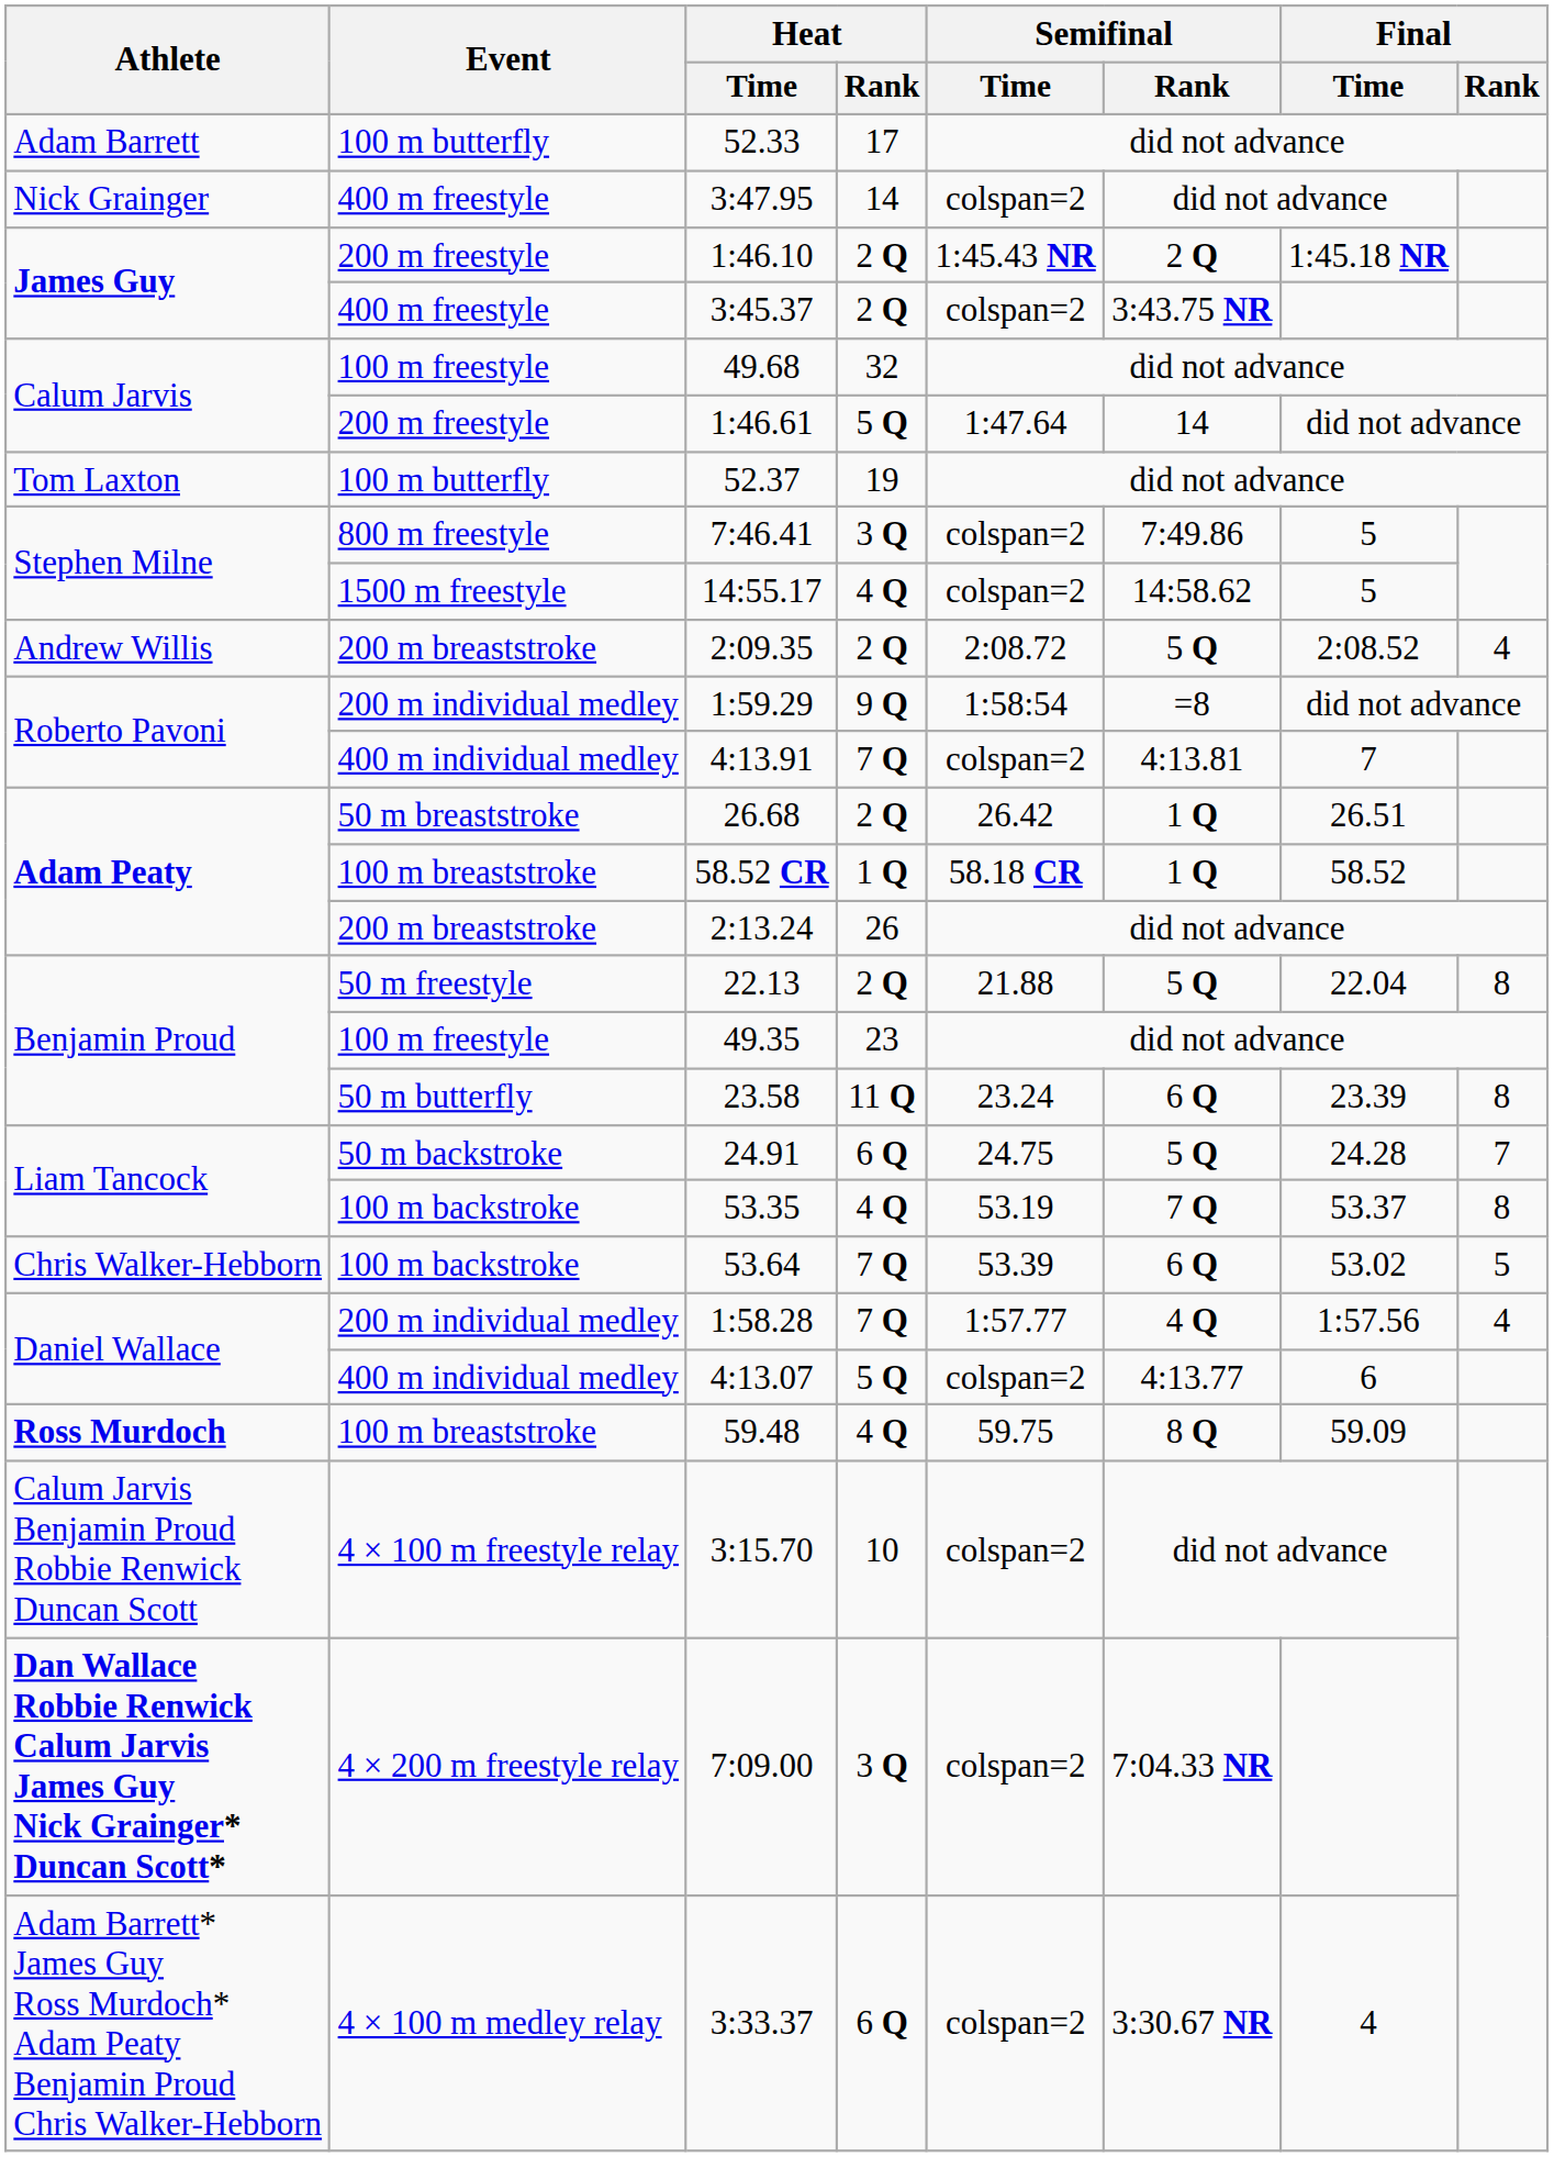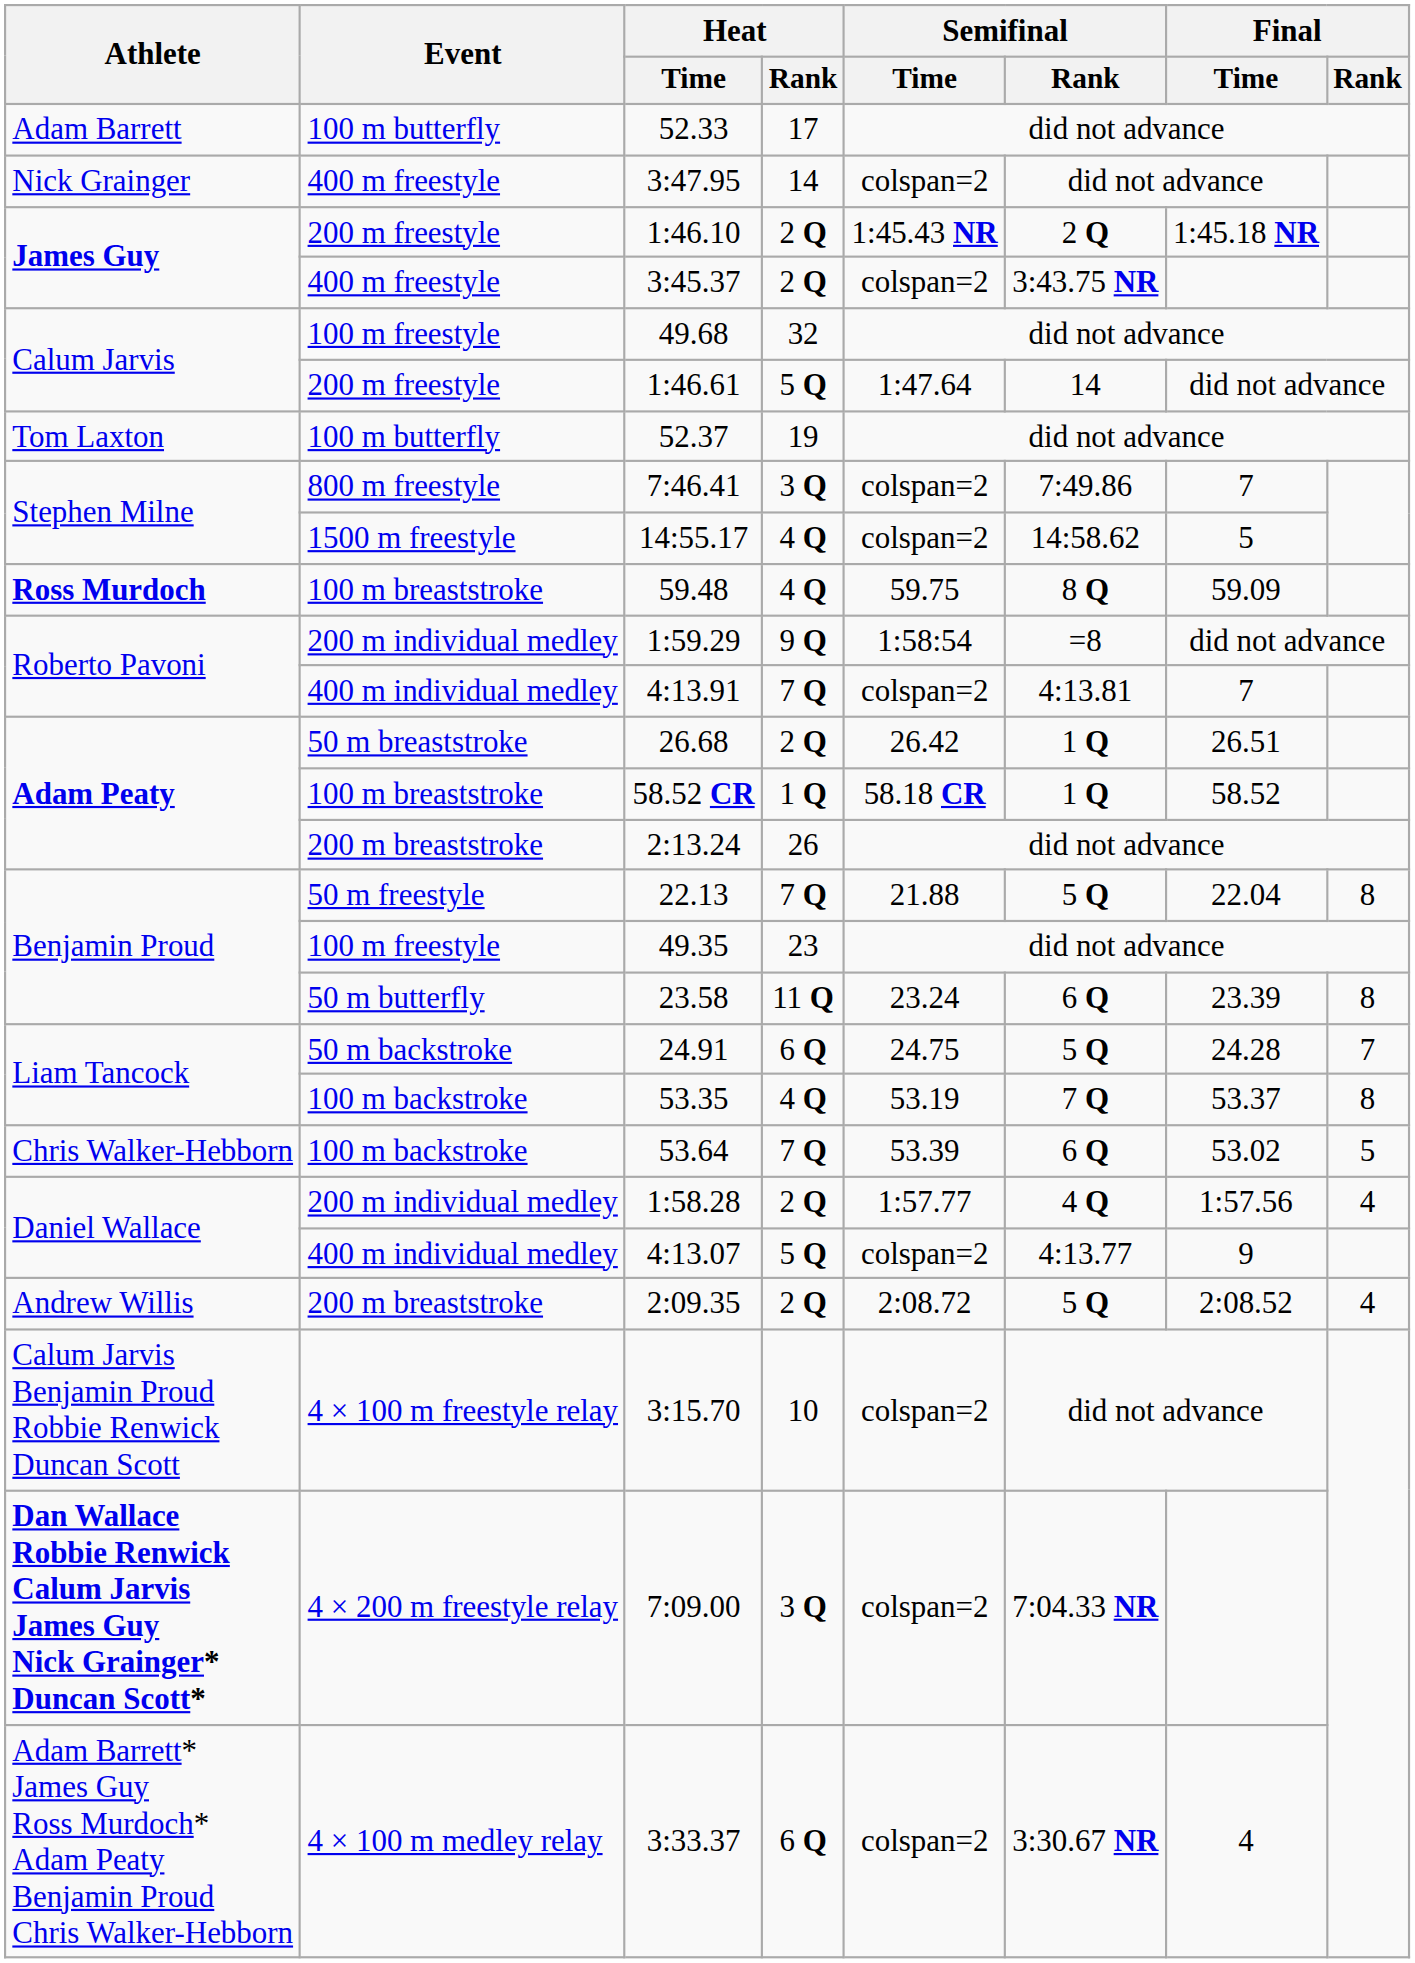 <table class=wikitable style="font-size:90%">
 <tr>
 <th rowspan="2">Athlete</th>
 <th rowspan="2">Event</th>
 <th colspan="2">Heat</th>
 <th colspan="2">Semifinal</th>
 <th colspan="2">Final</th>
 </tr>
 <tr style="font-size:95%">
 <th>Time</th>
 <th>Rank</th>
 <th>Time</th>
 <th>Rank</th>
 <th>Time</th>
 <th>Rank</th>
 </tr>
 <tr align=center>
 <td align=left><a href='#'>Adam Barrett</a></td>
 <td align=left><a href='#'>100 m butterfly</a></td>
 <td>52.33</td>
 <td>17</td>
 <td colspan=4>did not advance</td>
 </tr>
 <tr align=center>
 <td align=left><a href='#'>Nick Grainger</a></td>
 <td align=left><a href='#'>400 m freestyle</a></td>
 <td>3:47.95</td>
 <td>14</td>
 <td>colspan=2 </td>
 <td colspan=2>did not advance</td>
 </tr>
 <tr align=center>
 <td align=left rowspan=2><strong><a href='#'>James Guy</a></strong></td>
 <td align=left><a href='#'>200 m freestyle</a></td>
 <td>1:46.10</td>
 <td>2 <strong>Q</strong></td>
 <td>1:45.43 <strong><a href='#'>NR</a></strong></td>
 <td>2 <strong>Q</strong></td>
 <td>1:45.18 <strong><a href='#'>NR</a></strong></td>
 <td></td>
 </tr>
 <tr align=center>
 <td align=left><a href='#'>400 m freestyle</a></td>
 <td>3:45.37</td>
 <td>2 <strong>Q</strong></td>
 <td>colspan=2 </td>
 <td>3:43.75 <strong><a href='#'>NR</a></strong></td>
 <td></td>
 </tr>
 <tr align=center>
 <td align=left rowspan=2><a href='#'>Calum Jarvis</a></td>
 <td align=left><a href='#'>100 m freestyle</a></td>
 <td>49.68</td>
 <td>32</td>
 <td colspan="4">did not advance</td>
 </tr>
 <tr align=center>
 <td align=left><a href='#'>200 m freestyle</a></td>
 <td>1:46.61</td>
 <td>5 <strong>Q</strong></td>
 <td>1:47.64</td>
 <td>14</td>
 <td colspan=2>did not advance</td>
 </tr>
 <tr align=center>
 <td align=left><a href='#'>Tom Laxton</a></td>
 <td align=left><a href='#'>100 m butterfly</a></td>
 <td>52.37</td>
 <td>19</td>
 <td colspan=4>did not advance</td>
 </tr>
 <tr align=center>
 <td align=left rowspan=2><a href='#'>Stephen Milne</a></td>
 <td align=left><a href='#'>800 m freestyle</a></td>
 <td>7:46.41</td>
 <td>3 <strong>Q</strong></td>
 <td>colspan=2 </td>
 <td>7:49.86</td>
-<td>5</td>
+<td>7</td>
 </tr>
 <tr align=center>
 <td align=left><a href='#'>1500 m freestyle</a></td>
 <td>14:55.17</td>
 <td>4 <strong>Q</strong></td>
 <td>colspan=2 </td>
 <td>14:58.62</td>
 <td>5</td>
 </tr>
 <tr align=center>
-<td align=left><a href='#'>Andrew Willis</a></td>
-<td align=left><a href='#'>200 m breaststroke</a></td>
-<td>2:09.35</td>
-<td>2 <strong>Q</strong></td>
-<td>2:08.72</td>
-<td>5 <strong>Q</strong></td>
-<td>2:08.52</td>
-<td>4</td>
+<td align=left><strong><a href='#'>Ross Murdoch</a></strong></td>
+<td align=left><a href='#'>100 m breaststroke</a></td>
+<td>59.48</td>
+<td>4 <strong>Q</strong></td>
+<td>59.75</td>
+<td>8 <strong>Q</strong></td>
+<td>59.09</td>
+<td></td>
 </tr>
 <tr align=center>
 <td align=left rowspan=2><a href='#'>Roberto Pavoni</a></td>
 <td align=left><a href='#'>200 m individual medley</a></td>
 <td>1:59.29</td>
 <td>9 <strong>Q</strong></td>
 <td>1:58:54</td>
 <td>=8</td>
 <td colspan=2>did not advance</td>
 </tr>
 <tr align=center>
 <td align=left><a href='#'>400 m individual medley</a></td>
 <td>4:13.91</td>
 <td>7 <strong>Q</strong></td>
 <td>colspan=2 </td>
 <td>4:13.81</td>
 <td>7</td>
 </tr>
 <tr align=center>
 <td align=left rowspan=3><strong><a href='#'>Adam Peaty</a></strong></td>
 <td align=left><a href='#'>50 m breaststroke</a></td>
 <td>26.68</td>
 <td>2 <strong>Q</strong></td>
 <td>26.42 </td>
 <td>1 <strong>Q</strong></td>
 <td>26.51</td>
 <td></td>
 </tr>
 <tr align=center>
 <td align=left><a href='#'>100 m breaststroke</a></td>
 <td>58.52 <strong><a href='#'>CR</a></strong></td>
 <td>1 <strong>Q</strong></td>
 <td>58.18 <strong><a href='#'>CR</a></strong></td>
 <td>1 <strong>Q</strong></td>
 <td>58.52</td>
 <td></td>
 </tr>
 <tr align=center>
 <td align=left><a href='#'>200 m breaststroke</a></td>
 <td>2:13.24</td>
 <td>26</td>
 <td colspan="4">did not advance</td>
 </tr>
 <tr align=center>
 <td align=left rowspan=3><a href='#'>Benjamin Proud</a></td>
 <td align=left><a href='#'>50 m freestyle</a></td>
 <td>22.13</td>
-<td>2 <strong>Q</strong></td>
+<td>7 <strong>Q</strong></td>
 <td>21.88</td>
 <td>5 <strong>Q</strong></td>
 <td>22.04</td>
 <td>8</td>
 </tr>
 <tr align=center>
 <td align=left><a href='#'>100 m freestyle</a></td>
 <td>49.35</td>
 <td>23</td>
 <td colspan="4">did not advance</td>
 </tr>
 <tr align=center>
 <td align=left><a href='#'>50 m butterfly</a></td>
 <td>23.58</td>
 <td>11 <strong>Q</strong></td>
 <td>23.24</td>
 <td>6 <strong>Q</strong></td>
 <td>23.39</td>
 <td>8</td>
 </tr>
 <tr align=center>
 <td align=left rowspan=2><a href='#'>Liam Tancock</a></td>
 <td align=left><a href='#'>50 m backstroke</a></td>
 <td>24.91</td>
 <td>6 <strong>Q</strong></td>
 <td>24.75</td>
 <td>5 <strong>Q</strong></td>
 <td>24.28</td>
 <td>7</td>
 </tr>
 <tr align=center>
 <td align=left><a href='#'>100 m backstroke</a></td>
 <td>53.35</td>
 <td>4 <strong>Q</strong></td>
 <td>53.19</td>
 <td>7 <strong>Q</strong></td>
 <td>53.37</td>
 <td>8</td>
 </tr>
 <tr align=center>
 <td align=left><a href='#'>Chris Walker-Hebborn</a></td>
 <td align=left><a href='#'>100 m backstroke</a></td>
 <td>53.64</td>
 <td>7 <strong>Q</strong></td>
 <td>53.39</td>
 <td>6 <strong>Q</strong></td>
 <td>53.02</td>
 <td>5</td>
 </tr>
 <tr align=center>
 <td align=left rowspan=2><a href='#'>Daniel Wallace</a></td>
 <td align=left><a href='#'>200 m individual medley</a></td>
 <td>1:58.28</td>
-<td>7 <strong>Q</strong></td>
+<td>2 <strong>Q</strong></td>
 <td>1:57.77</td>
 <td>4 <strong>Q</strong></td>
 <td>1:57.56</td>
 <td>4</td>
 </tr>
 <tr align=center>
 <td align=left><a href='#'>400 m individual medley</a></td>
 <td>4:13.07</td>
 <td>5 <strong>Q</strong></td>
 <td>colspan=2 </td>
 <td>4:13.77</td>
-<td>6</td>
+<td>9</td>
 </tr>
 <tr align=center>
-<td align=left><strong><a href='#'>Ross Murdoch</a></strong></td>
-<td align=left><a href='#'>100 m breaststroke</a></td>
-<td>59.48</td>
-<td>4 <strong>Q</strong></td>
-<td>59.75</td>
-<td>8 <strong>Q</strong></td>
-<td>59.09</td>
-<td></td>
+<td align=left><a href='#'>Andrew Willis</a></td>
+<td align=left><a href='#'>200 m breaststroke</a></td>
+<td>2:09.35</td>
+<td>2 <strong>Q</strong></td>
+<td>2:08.72</td>
+<td>5 <strong>Q</strong></td>
+<td>2:08.52</td>
+<td>4</td>
 </tr>
 <tr align=center>
 <td align=left><a href='#'>Calum Jarvis</a><br><a href='#'>Benjamin Proud</a><br><a href='#'>Robbie Renwick</a><br><a href='#'>Duncan Scott</a></td>
 <td align=left><a href='#'>4 × 100 m freestyle relay</a></td>
 <td>3:15.70</td>
 <td>10</td>
 <td>colspan=2 </td>
 <td colspan=2>did not advance</td>
 </tr>
 <tr align=center>
 <td align=left><strong><a href='#'>Dan Wallace</a><br><a href='#'>Robbie Renwick</a><br><a href='#'>Calum Jarvis</a><br><a href='#'>James Guy</a><br><a href='#'>Nick Grainger</a>*<br><a href='#'>Duncan Scott</a>*</strong></td>
 <td align=left><a href='#'>4 × 200 m freestyle relay</a></td>
 <td>7:09.00</td>
 <td>3 <strong>Q</strong></td>
 <td>colspan=2 </td>
 <td>7:04.33 <strong><a href='#'>NR</a></strong></td>
 <td></td>
 </tr>
 <tr align=center>
 <td align=left><a href='#'>Adam Barrett</a>*<br><a href='#'>James Guy</a><br><a href='#'>Ross Murdoch</a>*<br><a href='#'>Adam Peaty</a><br><a href='#'>Benjamin Proud</a><br><a href='#'>Chris Walker-Hebborn</a></td>
 <td align=left><a href='#'>4 × 100 m medley relay</a></td>
 <td>3:33.37</td>
 <td>6 <strong>Q</strong></td>
 <td>colspan=2 </td>
 <td>3:30.67 <strong><a href='#'>NR</a></strong></td>
 <td>4</td>
 </tr>
 </table>
